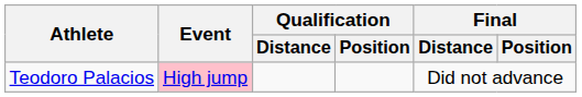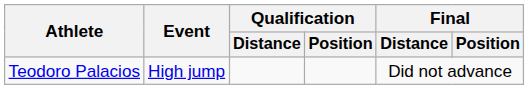 <table class=wikitable style="font-size:90%">
 <tr>
 <th rowspan="2">Athlete</th>
 <th rowspan="2">Event</th>
 <th colspan="2">Qualification</th>
 <th colspan="2">Final</th>
 </tr>
 <tr style="font-size:95%">
 <th>Distance</th>
 <th>Position</th>
 <th>Distance</th>
 <th>Position</th>
 </tr>
 <tr align=center>
 <td align=left><a href='#'>Teodoro Palacios</a></td>
-<td align=left style="background: pink;"><a href='#'>High jump</a></td>
+<td align=left><a href='#'>High jump</a></td>
 <td></td>
 <td></td>
 <td colspan=2>Did not advance</td>
 </tr>
 </table>
